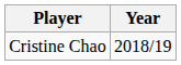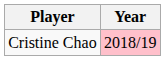 <table class="wikitable">
 <tr>
 <th>Player</th>
 <th>Year</th>
 </tr>
 <tr>
 <td>Cristine Chao</td>
-<td>2018/19</td>
+<td style="background: pink;">2018/19</td>
 </tr>
 </table>
